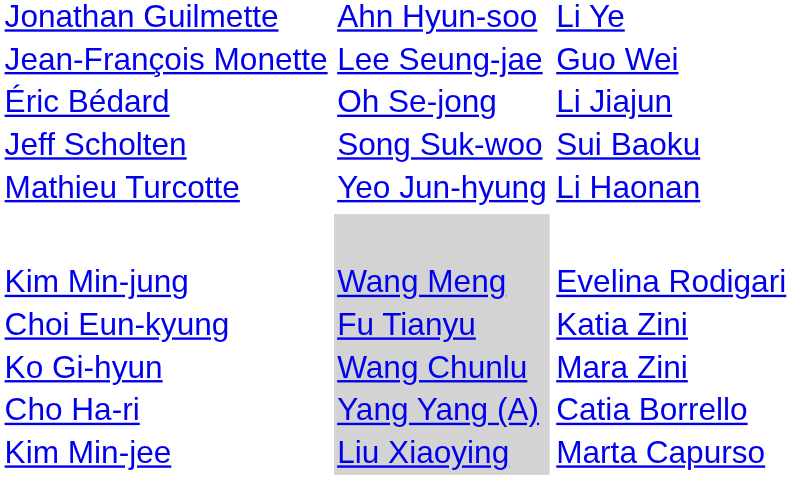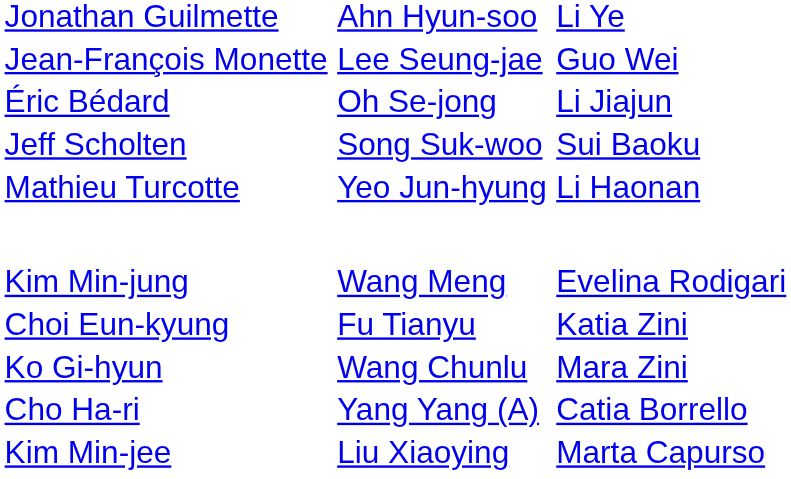 <table>
 <tr>
 <th scope=row style="text-align:left"><br></th>
 <td valign="top"><strong></strong><br><small><a href='#'>Jonathan Guilmette</a><br><a href='#'>Jean-François Monette</a><br><a href='#'>Éric Bédard</a><br><a href='#'>Jeff Scholten</a><br><a href='#'>Mathieu Turcotte</a></small></td>
 <td valign="top"><strong></strong><br><small><a href='#'>Ahn Hyun-soo</a><br><a href='#'>Lee Seung-jae</a><br><a href='#'>Oh Se-jong</a><br><a href='#'>Song Suk-woo</a><br><a href='#'>Yeo Jun-hyung</a></small></td>
 <td valign="top"><strong></strong><br><small><a href='#'>Li Ye</a><br><a href='#'>Guo Wei</a><br><a href='#'>Li Jiajun</a><br><a href='#'>Sui Baoku</a><br><a href='#'>Li Haonan</a></small></td>
 </tr>
 <tr>
 <th scope=row style="text-align:left"><br></th>
 <td valign="top"><strong></strong><br><small><a href='#'>Kim Min-jung</a><br><a href='#'>Choi Eun-kyung</a><br><a href='#'>Ko Gi-hyun</a><br><a href='#'>Cho Ha-ri</a><br><a href='#'>Kim Min-jee</a></small></td>
-<td valign="top" style="background: lightgrey;"><strong></strong><br><small><a href='#'>Wang Meng</a><br><a href='#'>Fu Tianyu</a><br><a href='#'>Wang Chunlu</a><br><a href='#'>Yang Yang (A)</a><br><a href='#'>Liu Xiaoying</a></small></td>
+<td valign="top"><strong></strong><br><small><a href='#'>Wang Meng</a><br><a href='#'>Fu Tianyu</a><br><a href='#'>Wang Chunlu</a><br><a href='#'>Yang Yang (A)</a><br><a href='#'>Liu Xiaoying</a></small></td>
 <td valign="top"><strong></strong><br><small><a href='#'>Evelina Rodigari</a><br><a href='#'>Katia Zini</a><br><a href='#'>Mara Zini</a><br><a href='#'>Catia Borrello</a><br><a href='#'>Marta Capurso</a></small></td>
 </tr>
 </table>
